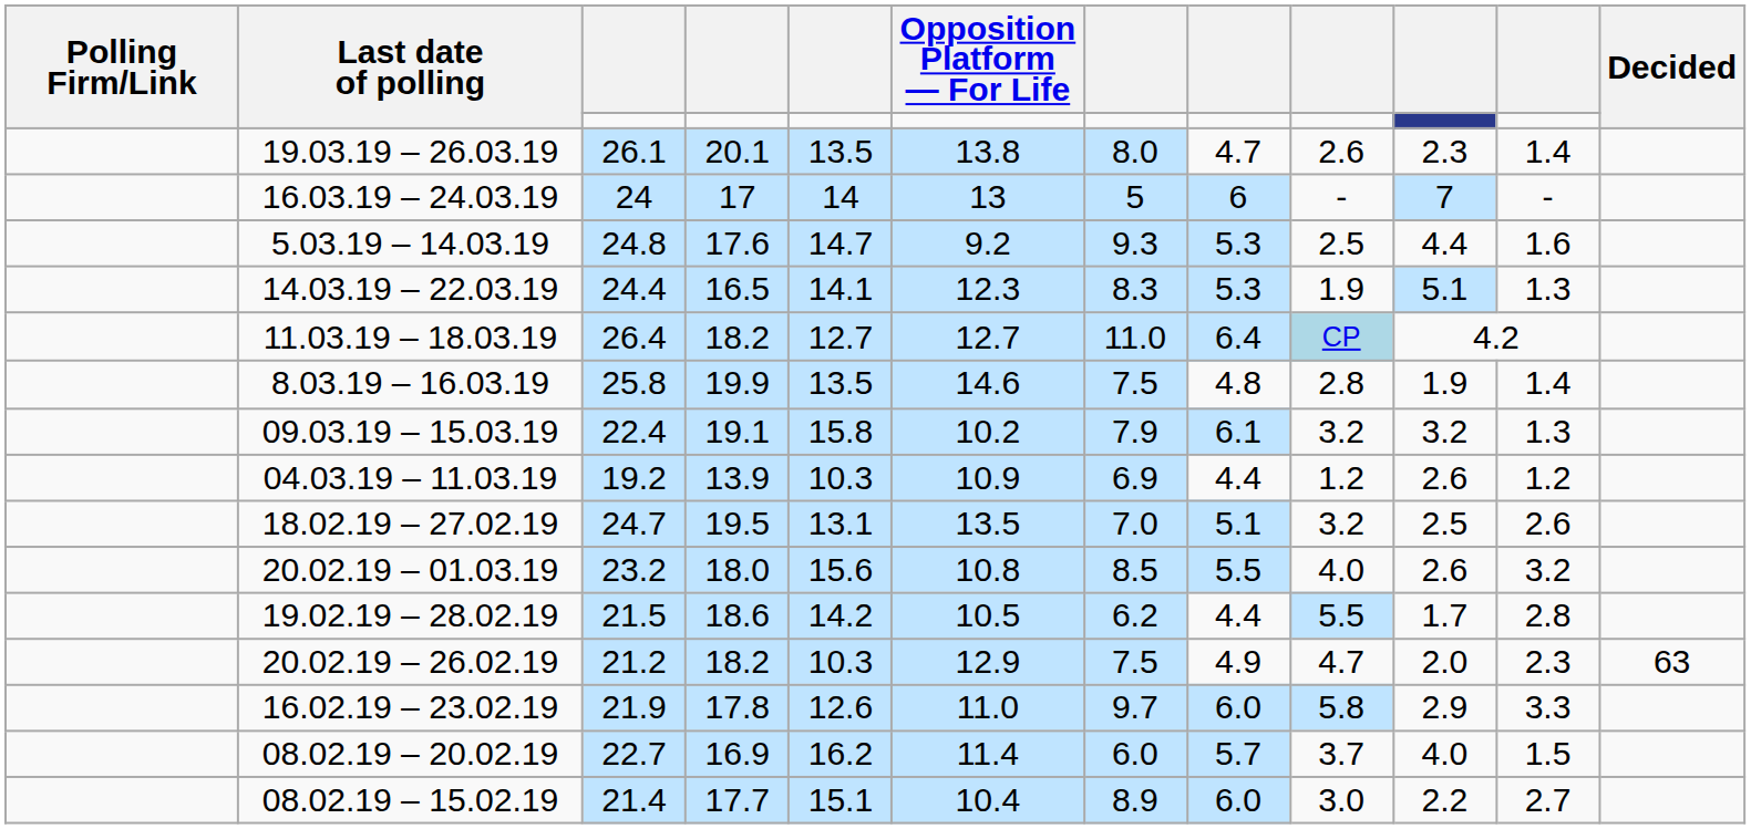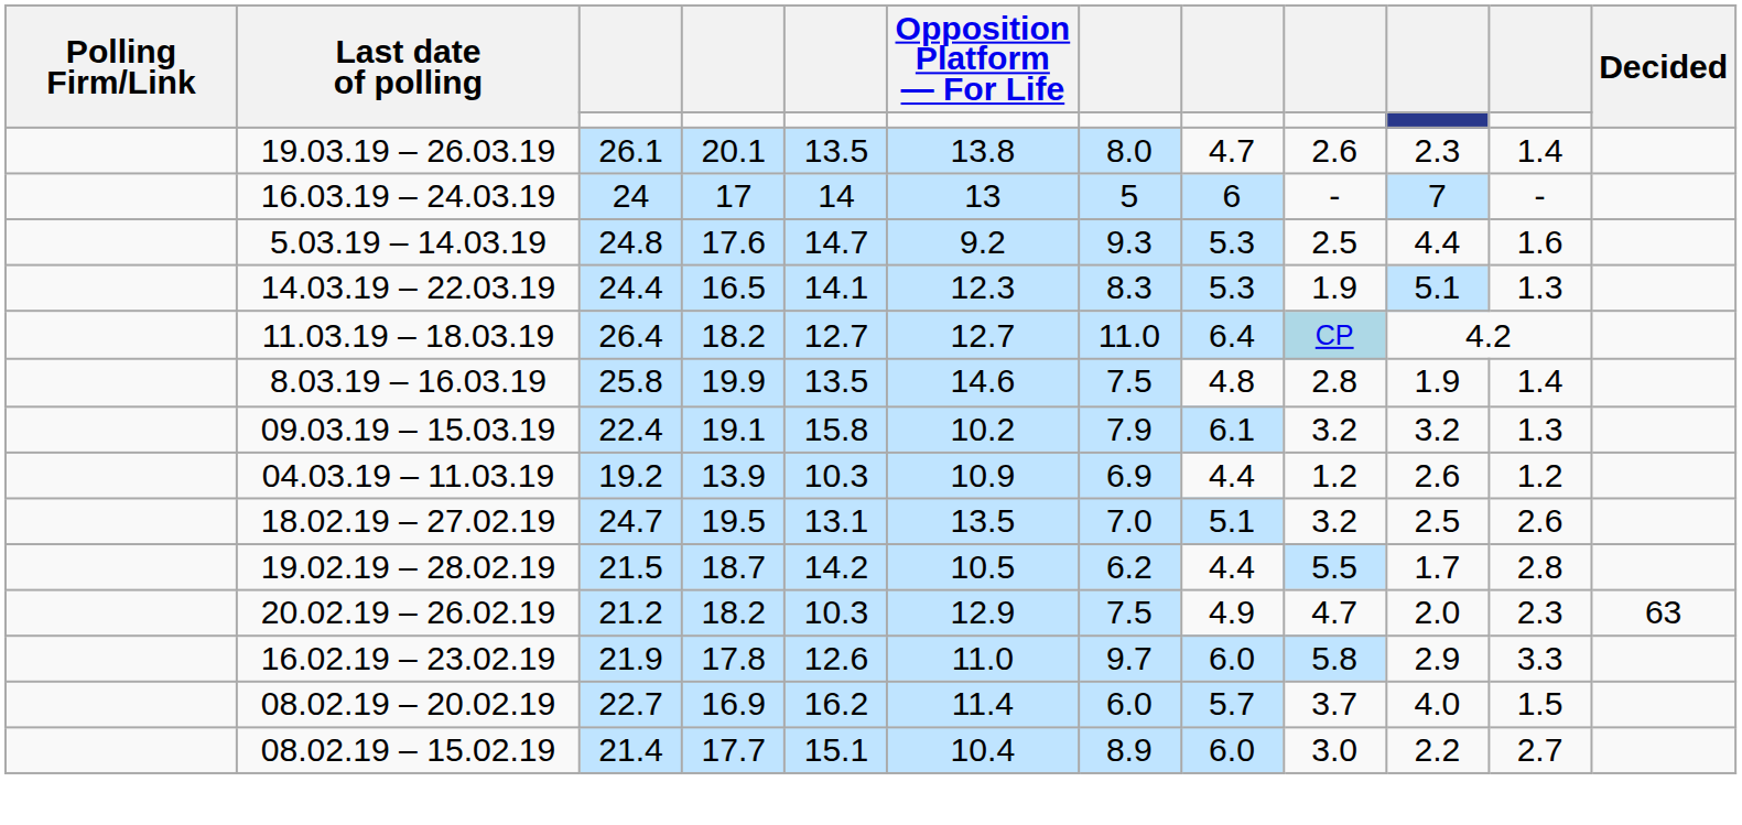 <table class="wikitable" style="text-align:center;font-size:95%;line-height:14px;">
 <tr style="height:40px; background-color:#E9E9E9">
 <th style="width:99px;" rowspan=2>Polling Firm/Link</th>
 <th style="width:150px;" rowspan=2>Last date<br>of polling</th>
 <th style="width:40px;"></th>
 <th style="width:40px;"></th>
 <th style="width:40px;"></th>
 <th style="width:40px;"><a href='#'>Opposition Platform — For Life</a></th>
 <th style="width:40px;"></th>
 <th style="width:40px;"></th>
 <th style="width:40px;"></th>
 <th style="width:40px;"></th>
 <th style="width:40px;"></th>
 <th style="width:40px;" rowspan=2>Decided</th>
 </tr>
 <tr>
 <td style="background:"></td>
 <td style="background:"></td>
 <td style="background:"></td>
 <td style="background:"></td>
 <td style="background:"></td>
 <td style="background:"></td>
 <td style="background:"></td>
 <td style="background:#29388B" ></td>
 <td style="background:"></td>
 </tr>
 <tr>
 <td></td>
 <td>19.03.19 – 26.03.19</td>
 <td bgcolor="#bfe4ff" >26.1</td>
 <td bgcolor="#bfe4ff" >20.1</td>
 <td bgcolor="#bfe4ff" >13.5</td>
 <td bgcolor="#bfe4ff" >13.8</td>
 <td bgcolor="#bfe4ff" >8.0</td>
 <td>4.7</td>
 <td>2.6</td>
 <td>2.3</td>
 <td>1.4</td>
 <td></td>
 </tr>
 <tr>
 <td> </td>
 <td>16.03.19 – 24.03.19</td>
 <td bgcolor="#bfe4ff" >24</td>
 <td bgcolor="#bfe4ff" >17</td>
 <td bgcolor="#bfe4ff" >14</td>
 <td bgcolor="#bfe4ff" >13</td>
 <td bgcolor="#bfe4ff" >5</td>
 <td bgcolor="#bfe4ff" >6</td>
 <td>-</td>
 <td bgcolor="#bfe4ff" >7</td>
 <td>-</td>
 <td></td>
 </tr>
 <tr>
 <td></td>
 <td>5.03.19 – 14.03.19</td>
 <td bgcolor="#bfe4ff" >24.8</td>
 <td bgcolor="#bfe4ff" >17.6</td>
 <td bgcolor="#bfe4ff" >14.7</td>
 <td bgcolor="#bfe4ff" >9.2</td>
 <td bgcolor="#bfe4ff" >9.3</td>
 <td bgcolor="#bfe4ff" >5.3</td>
 <td>2.5</td>
 <td>4.4</td>
 <td>1.6</td>
 <td></td>
 </tr>
 <tr>
 <td></td>
 <td>14.03.19 – 22.03.19</td>
 <td bgcolor="#bfe4ff" >24.4</td>
 <td bgcolor="#bfe4ff" >16.5</td>
 <td bgcolor="#bfe4ff" >14.1</td>
 <td bgcolor="#bfe4ff" >12.3</td>
 <td bgcolor="#bfe4ff" >8.3</td>
 <td bgcolor="#bfe4ff" >5.3</td>
 <td>1.9</td>
 <td bgcolor="#bfe4ff" >5.1</td>
 <td>1.3</td>
 <td></td>
 </tr>
 <tr>
 <td> </td>
 <td>11.03.19 – 18.03.19</td>
 <td bgcolor="#bfe4ff" >26.4</td>
 <td bgcolor="#bfe4ff" >18.2</td>
 <td bgcolor="#bfe4ff" >12.7</td>
 <td bgcolor="#bfe4ff" >12.7</td>
 <td bgcolor="#bfe4ff" >11.0</td>
 <td bgcolor="#bfe4ff" >6.4</td>
 <td style="background: lightblue;"><small><a href='#'>CP</a></small></td>
 <td colspan="2" >4.2</td>
 <td></td>
 </tr>
 <tr>
 <td></td>
 <td>8.03.19 – 16.03.19</td>
 <td bgcolor="#bfe4ff" >25.8</td>
 <td bgcolor="#bfe4ff" >19.9</td>
 <td bgcolor="#bfe4ff" >13.5</td>
 <td bgcolor="#bfe4ff" >14.6</td>
 <td bgcolor="#bfe4ff" >7.5</td>
 <td>4.8</td>
 <td>2.8</td>
 <td>1.9</td>
 <td>1.4</td>
 <td></td>
 </tr>
 <tr>
 <td></td>
 <td>09.03.19 – 15.03.19</td>
 <td bgcolor="#bfe4ff" >22.4</td>
 <td bgcolor="#bfe4ff" >19.1</td>
 <td bgcolor="#bfe4ff" >15.8</td>
 <td bgcolor="#bfe4ff" >10.2</td>
 <td bgcolor="#bfe4ff" >7.9</td>
 <td bgcolor="#bfe4ff" >6.1</td>
 <td>3.2</td>
 <td>3.2</td>
 <td>1.3</td>
 <td></td>
 </tr>
 <tr>
 <td> </td>
 <td>04.03.19 – 11.03.19</td>
 <td bgcolor="#bfe4ff" >19.2</td>
 <td bgcolor="#bfe4ff" >13.9</td>
 <td bgcolor="#bfe4ff" >10.3</td>
 <td bgcolor="#bfe4ff" >10.9</td>
 <td bgcolor="#bfe4ff" >6.9</td>
 <td>4.4</td>
 <td>1.2</td>
 <td>2.6</td>
 <td>1.2</td>
 <td></td>
 </tr>
 <tr>
 <td></td>
 <td>18.02.19 – 27.02.19</td>
 <td bgcolor="#bfe4ff" >24.7</td>
 <td bgcolor="#bfe4ff" >19.5</td>
 <td bgcolor="#bfe4ff" >13.1</td>
 <td bgcolor="#bfe4ff" >13.5</td>
 <td bgcolor="#bfe4ff" >7.0</td>
 <td bgcolor="#bfe4ff" >5.1</td>
 <td>3.2</td>
 <td>2.5</td>
 <td>2.6</td>
 <td></td>
 </tr>
 <tr>
 <td></td>
-<td>20.02.19 – 01.03.19</td>
-<td bgcolor="#bfe4ff" >23.2</td>
-<td bgcolor="#bfe4ff" >18.0</td>
-<td bgcolor="#bfe4ff" >15.6</td>
-<td bgcolor="#bfe4ff" >10.8</td>
-<td bgcolor="#bfe4ff" >8.5</td>
-<td bgcolor="#bfe4ff" >5.5</td>
-<td>4.0</td>
-<td>2.6</td>
-<td>3.2</td>
-<td></td>
-</tr>
-<tr>
-<td></td>
 <td>19.02.19 – 28.02.19</td>
 <td bgcolor="#bfe4ff" >21.5</td>
-<td bgcolor="#bfe4ff" >18.6</td>
+<td bgcolor="#bfe4ff" >18.7</td>
 <td bgcolor="#bfe4ff" >14.2</td>
 <td bgcolor="#bfe4ff" >10.5</td>
 <td bgcolor="#bfe4ff" >6.2</td>
 <td>4.4</td>
 <td bgcolor="#bfe4ff" >5.5</td>
 <td>1.7</td>
 <td>2.8</td>
 <td></td>
 </tr>
 <tr>
 <td> </td>
 <td>20.02.19 – 26.02.19</td>
 <td bgcolor="#bfe4ff" >21.2</td>
 <td bgcolor="#bfe4ff" >18.2</td>
 <td bgcolor="#bfe4ff" >10.3</td>
 <td bgcolor="#bfe4ff" >12.9</td>
 <td bgcolor="#bfe4ff" >7.5</td>
 <td>4.9</td>
 <td>4.7</td>
 <td>2.0</td>
 <td>2.3</td>
 <td>63</td>
 </tr>
 <tr>
 <td></td>
 <td>16.02.19 – 23.02.19</td>
 <td bgcolor="#bfe4ff" >21.9</td>
 <td bgcolor="#bfe4ff" >17.8</td>
 <td bgcolor="#bfe4ff" >12.6</td>
 <td bgcolor="#bfe4ff" >11.0</td>
 <td bgcolor="#bfe4ff" >9.7</td>
 <td bgcolor="#bfe4ff" >6.0</td>
 <td bgcolor="#bfe4ff" >5.8</td>
 <td>2.9</td>
 <td>3.3</td>
 <td></td>
 </tr>
 <tr>
 <td></td>
 <td>08.02.19 – 20.02.19</td>
 <td bgcolor="#bfe4ff" >22.7</td>
 <td bgcolor="#bfe4ff" >16.9</td>
 <td bgcolor="#bfe4ff" >16.2</td>
 <td bgcolor="#bfe4ff" >11.4</td>
 <td bgcolor="#bfe4ff" >6.0</td>
 <td bgcolor="#bfe4ff" >5.7</td>
 <td>3.7</td>
 <td>4.0</td>
 <td>1.5</td>
 <td></td>
 </tr>
 <tr>
 <td></td>
 <td>08.02.19 – 15.02.19</td>
 <td bgcolor="#bfe4ff" >21.4</td>
 <td bgcolor="#bfe4ff" >17.7</td>
 <td bgcolor="#bfe4ff" >15.1</td>
 <td bgcolor="#bfe4ff" >10.4</td>
 <td bgcolor="#bfe4ff" >8.9</td>
 <td bgcolor="#bfe4ff" >6.0</td>
 <td>3.0</td>
 <td>2.2</td>
 <td>2.7</td>
 <td></td>
 </tr>
 </table>
